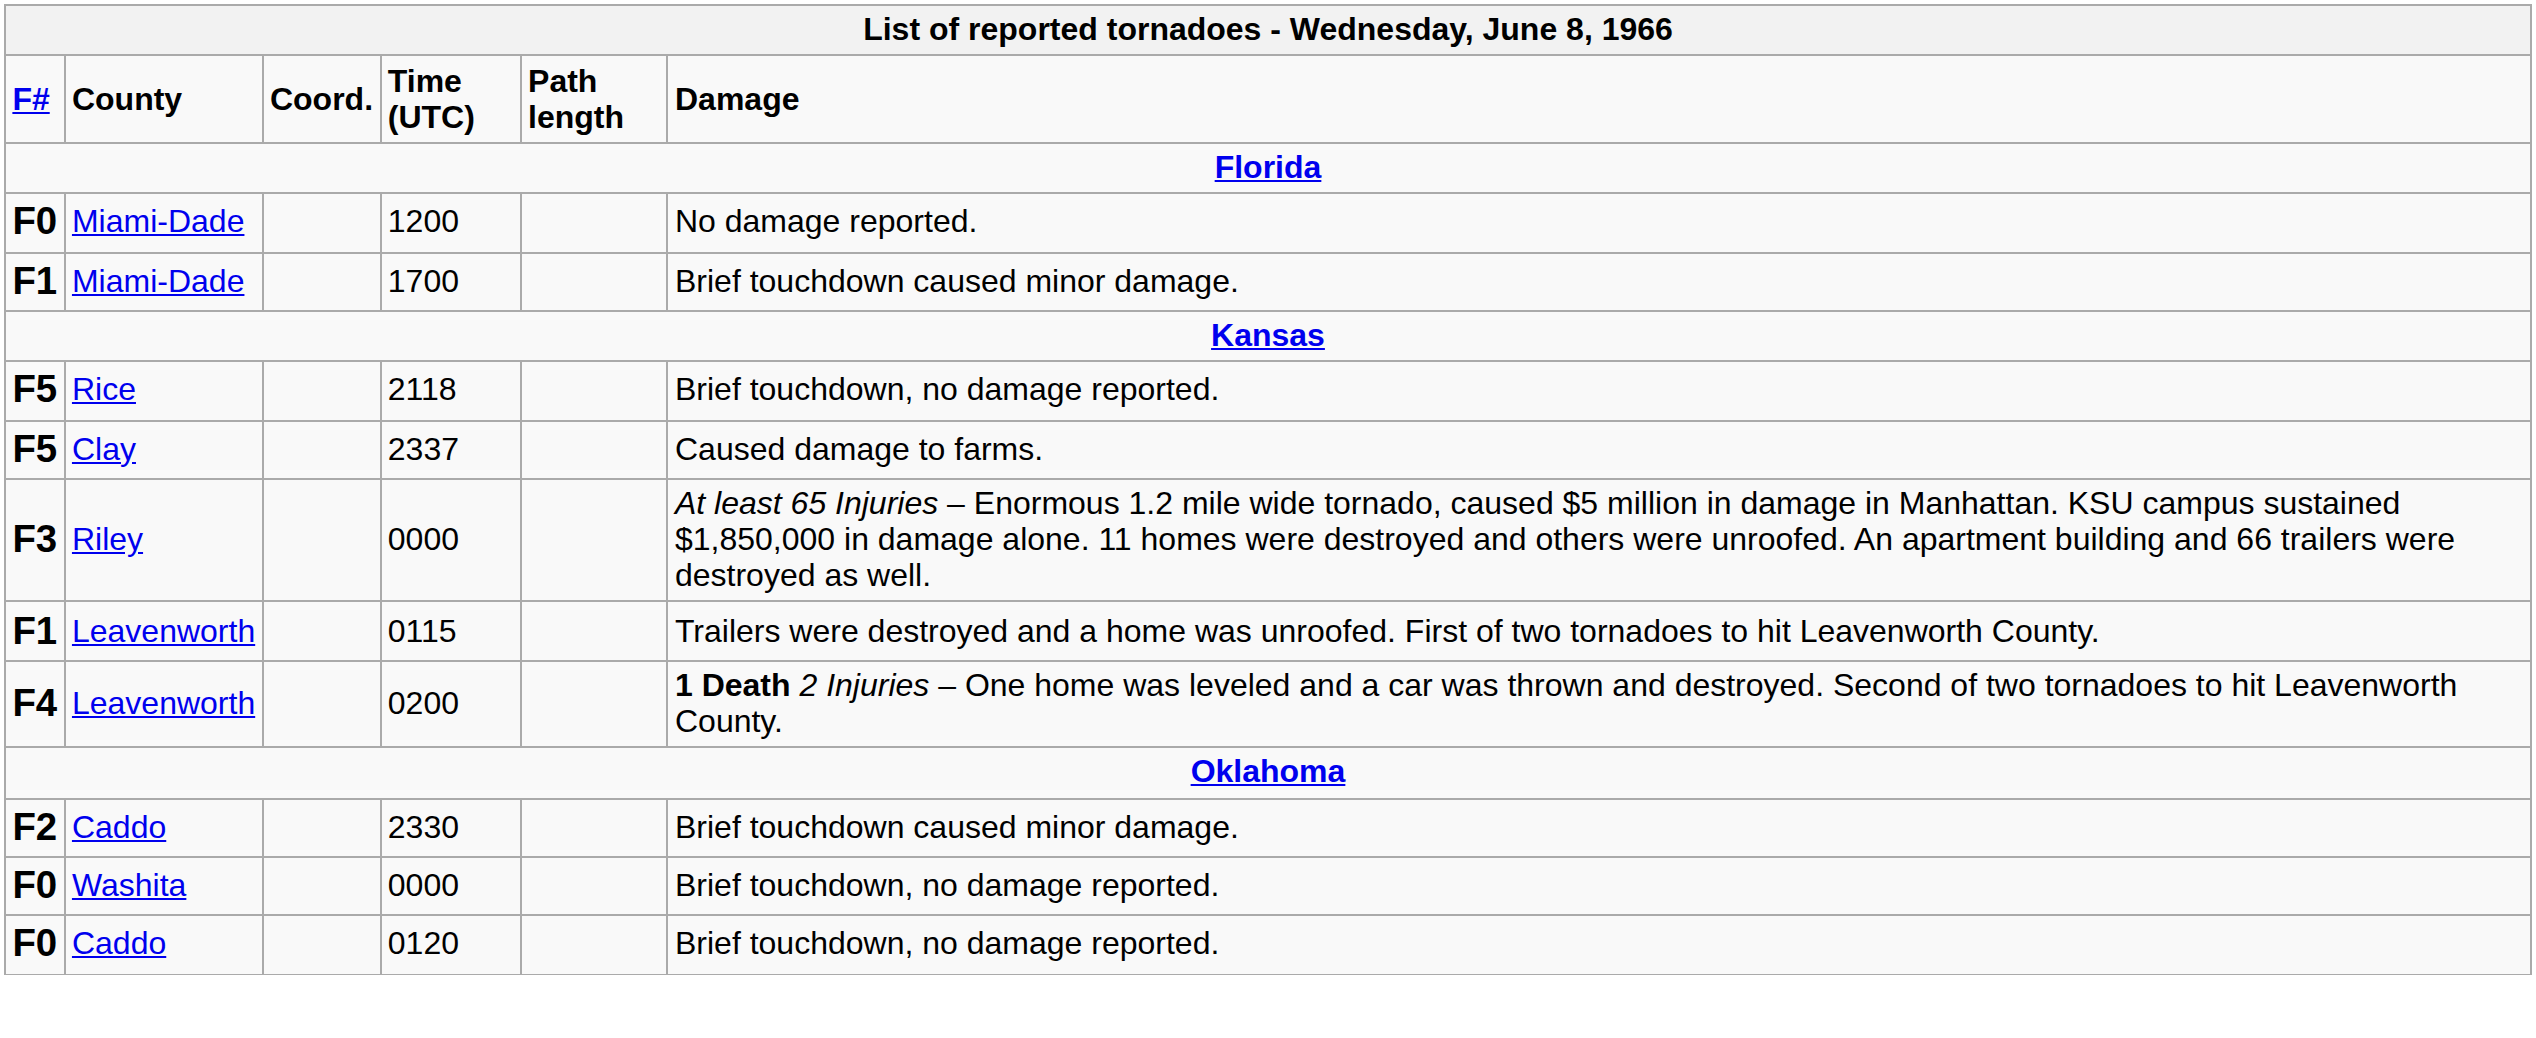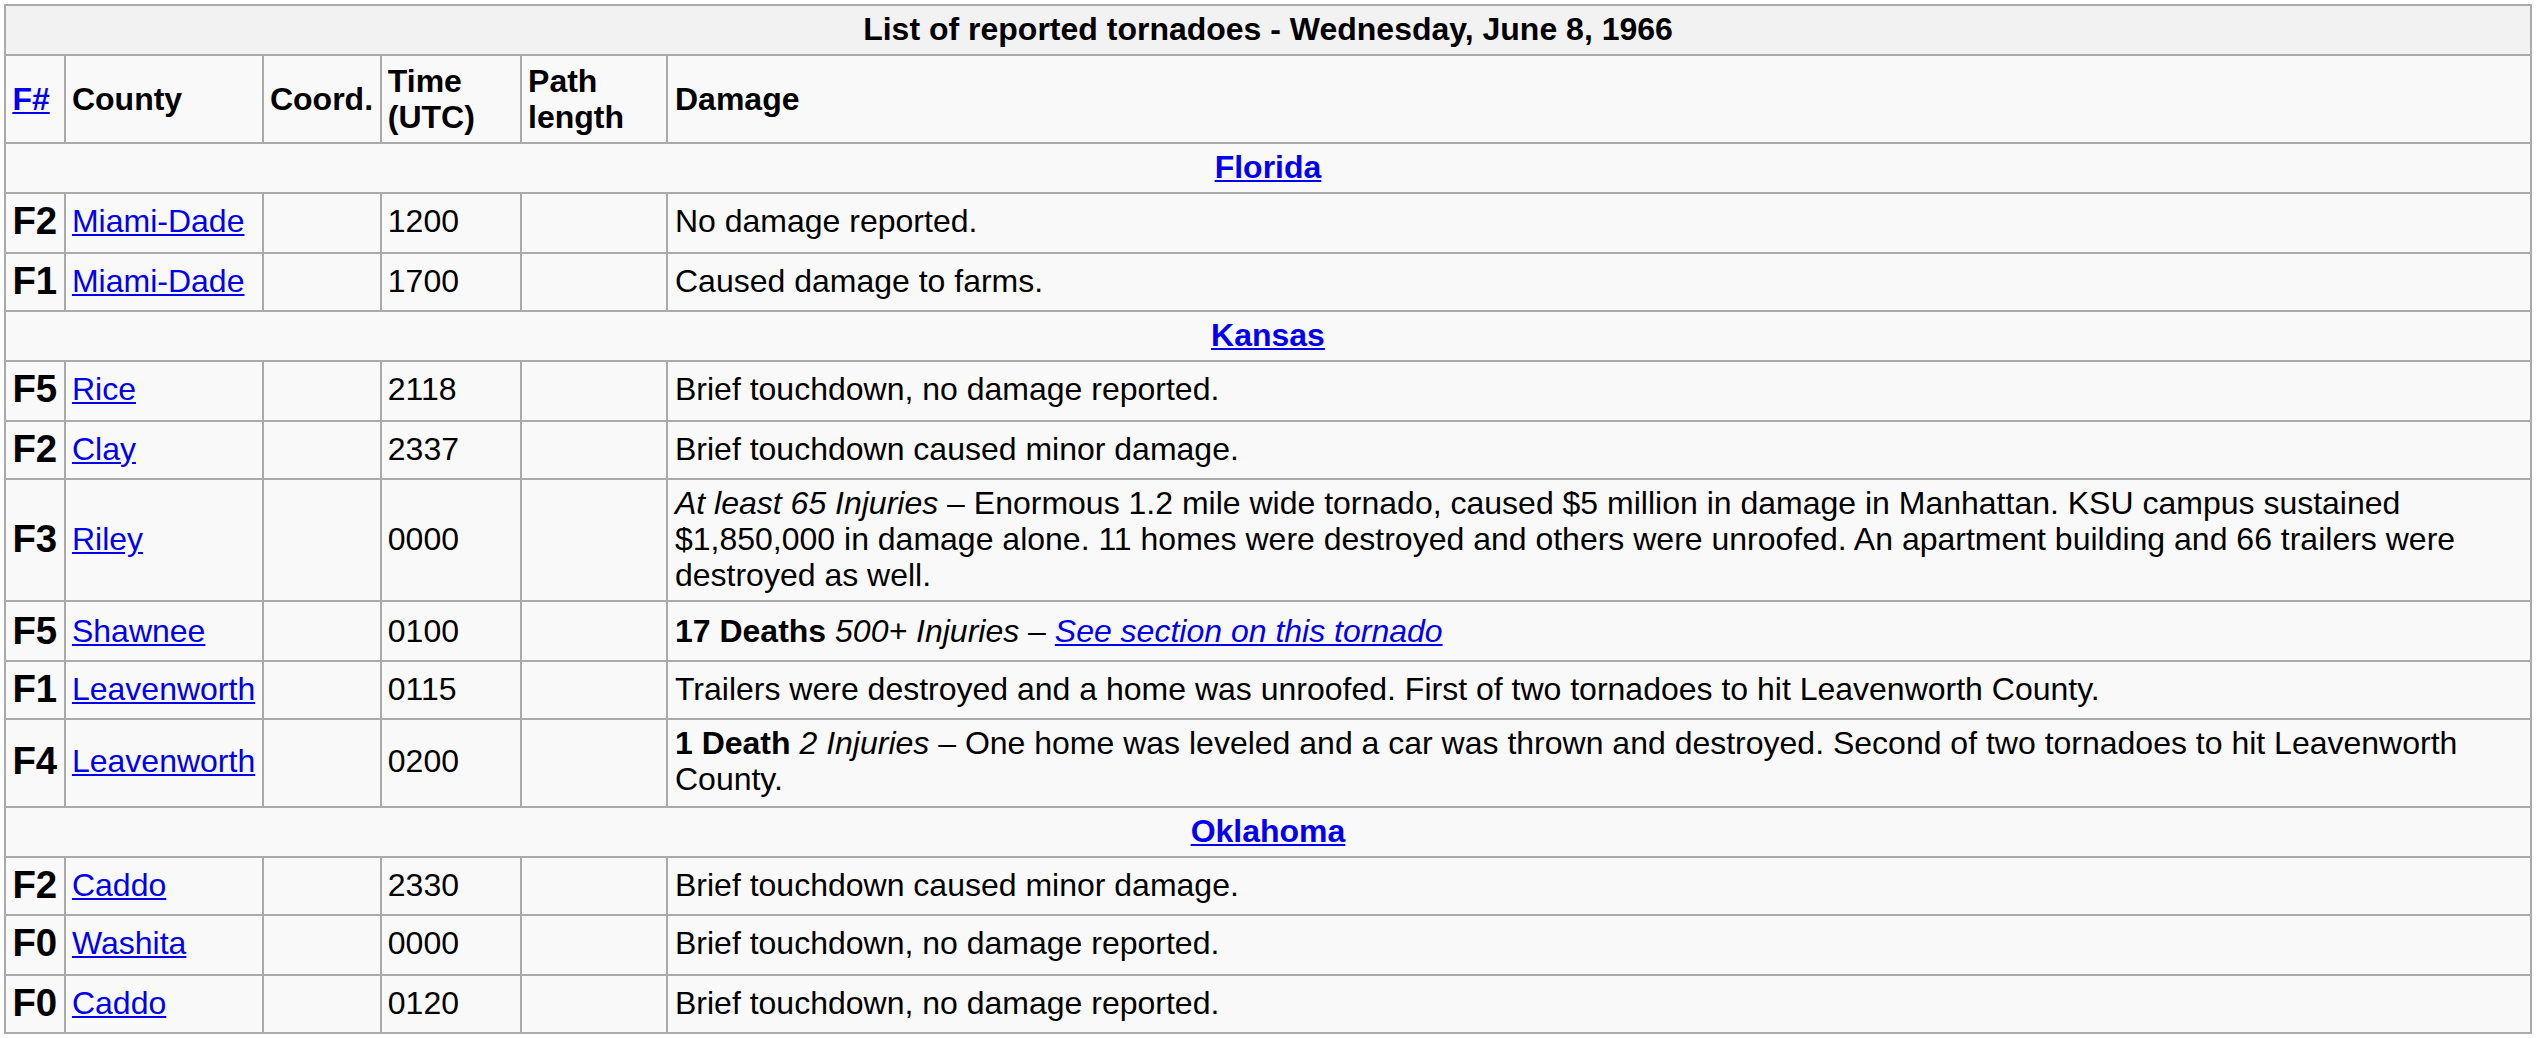 <table class="wikitable collapsible" style="width:100%;">
 <tr>
 <th colspan="6">List of reported tornadoes - Wednesday, June 8, 1966</th>
 </tr>
 <tr>
 <td><strong><a href='#'>F#</a></strong></td>
 <td><strong>County</strong></td>
 <td><strong>Coord.</strong></td>
 <td><strong>Time (UTC)</strong></td>
 <td><strong>Path length</strong></td>
 <td><strong>Damage</strong></td>
 </tr>
 <tr>
 <td colspan="6" style="text-align:center;"><strong><a href='#'>Florida</a></strong></td>
 </tr>
 <tr>
-<td><big><strong>F0</strong></big></td>
+<td><big><strong>F2</strong></big></td>
 <td><a href='#'>Miami-Dade</a></td>
 <td></td>
 <td>1200</td>
 <td></td>
 <td>No damage reported.</td>
 </tr>
 <tr>
 <td><big><strong>F1</strong></big></td>
 <td><a href='#'>Miami-Dade</a></td>
 <td></td>
 <td>1700</td>
 <td></td>
-<td>Brief touchdown caused minor damage.</td>
+<td>Caused damage to farms.</td>
 </tr>
 <tr>
 <td colspan="6" style="text-align:center;"><strong><a href='#'>Kansas</a></strong></td>
 </tr>
 <tr>
 <td><big><strong>F5</strong></big></td>
 <td><a href='#'>Rice</a></td>
 <td></td>
 <td>2118</td>
 <td></td>
 <td>Brief touchdown, no damage reported.</td>
 </tr>
 <tr>
-<td><big><strong>F5</strong></big></td>
+<td><big><strong>F2</strong></big></td>
 <td><a href='#'>Clay</a></td>
 <td></td>
 <td>2337</td>
 <td></td>
-<td>Caused damage to farms.</td>
+<td>Brief touchdown caused minor damage.</td>
 </tr>
 <tr>
 <td><big><strong>F3</strong></big></td>
 <td><a href='#'>Riley</a></td>
 <td></td>
 <td>0000</td>
 <td></td>
 <td><em>At least 65 Injuries</em> – Enormous 1.2 mile wide tornado, caused $5 million in damage in Manhattan. KSU campus sustained $1,850,000 in damage alone. 11 homes were destroyed and others were unroofed. An apartment building and 66 trailers were destroyed as well.</td>
+</tr>
+<tr>
+<td><big><strong>F5</strong></big></td>
+<td><a href='#'>Shawnee</a></td>
+<td></td>
+<td>0100</td>
+<td></td>
+<td><strong>17 Deaths</strong> <em>500+ Injuries</em> – <em><a href='#'>See section on this tornado</a></em></td>
 </tr>
 <tr>
 <td><big><strong>F1</strong></big></td>
 <td><a href='#'>Leavenworth</a></td>
 <td></td>
 <td>0115</td>
 <td></td>
 <td>Trailers were destroyed and a home was unroofed. First of two tornadoes to hit Leavenworth County.</td>
 </tr>
 <tr>
 <td><big><strong>F4</strong></big></td>
 <td><a href='#'>Leavenworth</a></td>
 <td></td>
 <td>0200</td>
 <td></td>
 <td><strong>1 Death</strong> <em>2 Injuries</em> – One home was leveled and a car was thrown and destroyed. Second of two tornadoes to hit Leavenworth County.</td>
 </tr>
 <tr>
 <td colspan="6" style="text-align:center;"><strong><a href='#'>Oklahoma</a></strong></td>
 </tr>
 <tr>
 <td><big><strong>F2</strong></big></td>
 <td><a href='#'>Caddo</a></td>
 <td></td>
 <td>2330</td>
 <td></td>
 <td>Brief touchdown caused minor damage.</td>
 </tr>
 <tr>
 <td><big><strong>F0</strong></big></td>
 <td><a href='#'>Washita</a></td>
 <td></td>
 <td>0000</td>
 <td></td>
 <td>Brief touchdown, no damage reported.</td>
 </tr>
 <tr>
 <td><big><strong>F0</strong></big></td>
 <td><a href='#'>Caddo</a></td>
 <td></td>
 <td>0120</td>
 <td></td>
 <td>Brief touchdown, no damage reported.</td>
 </tr>
 </table>
